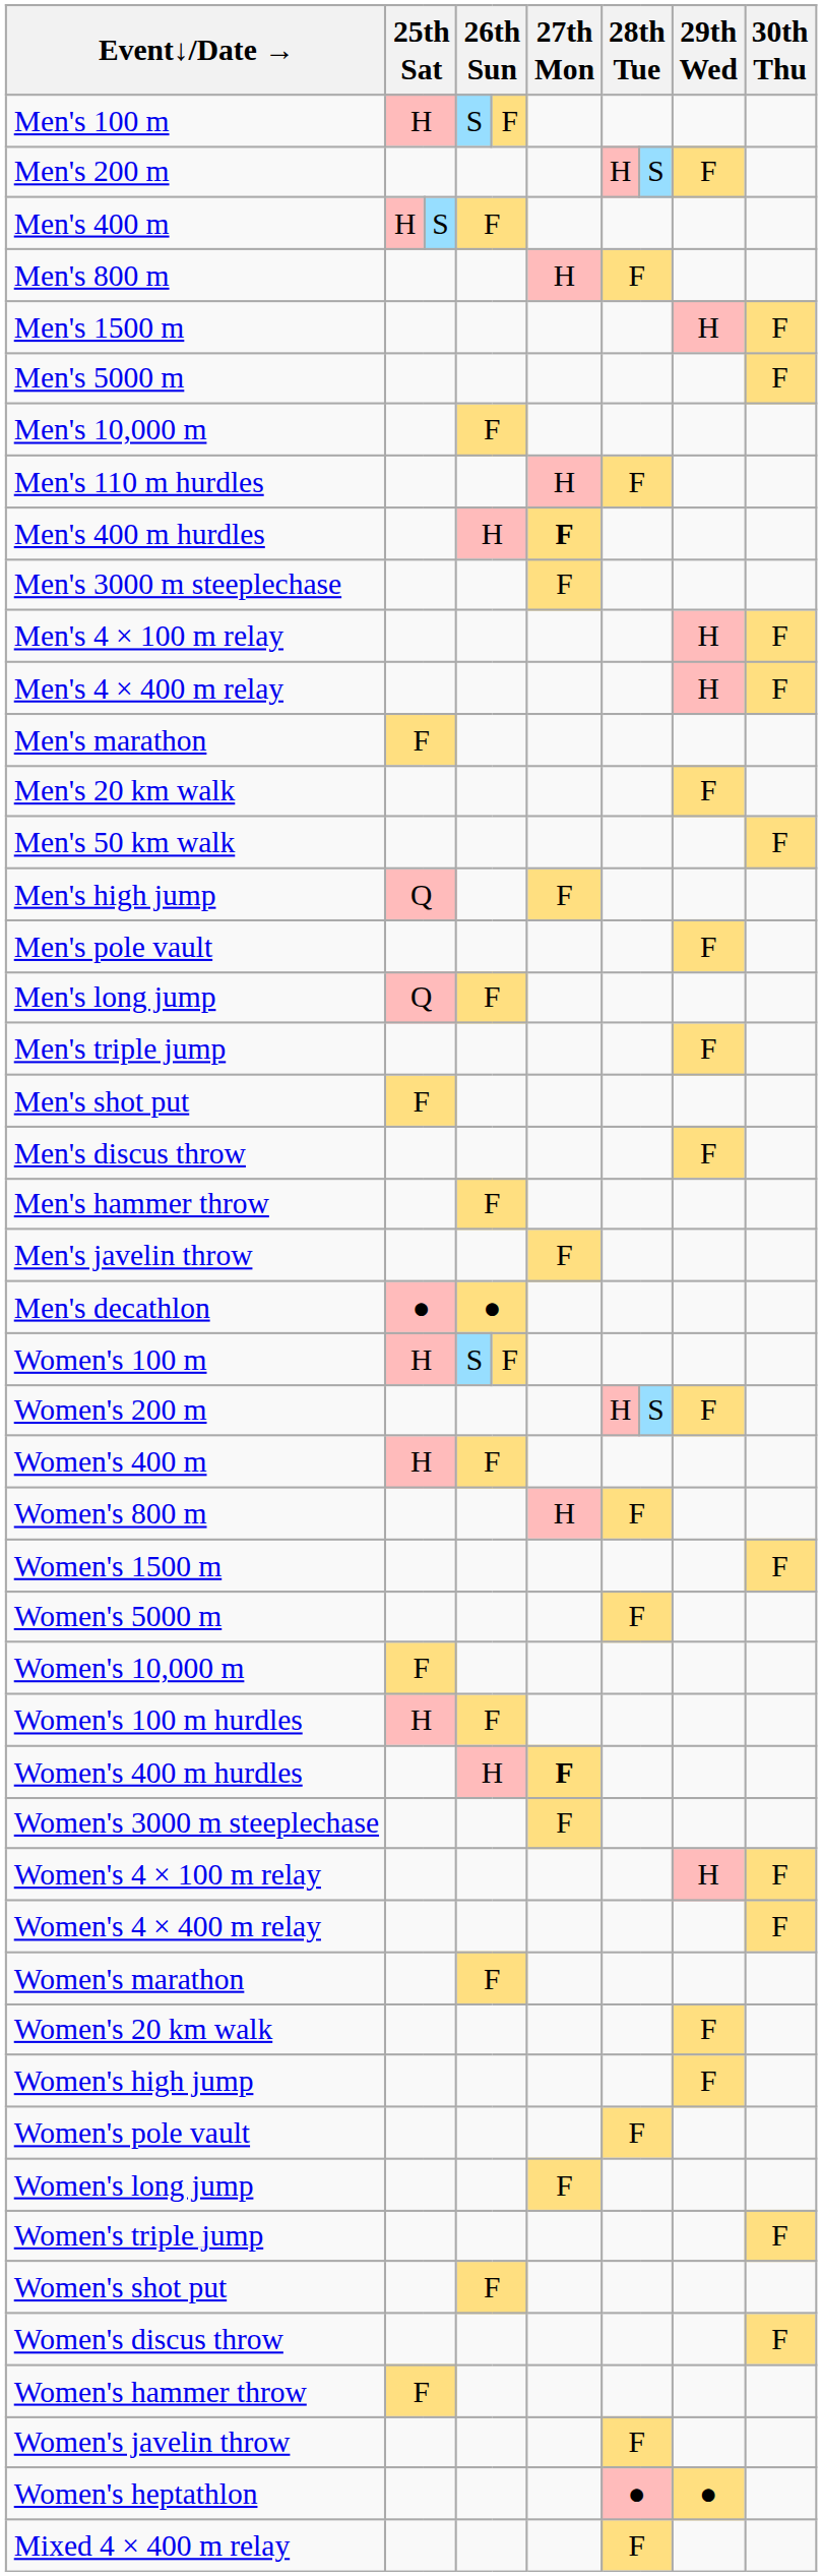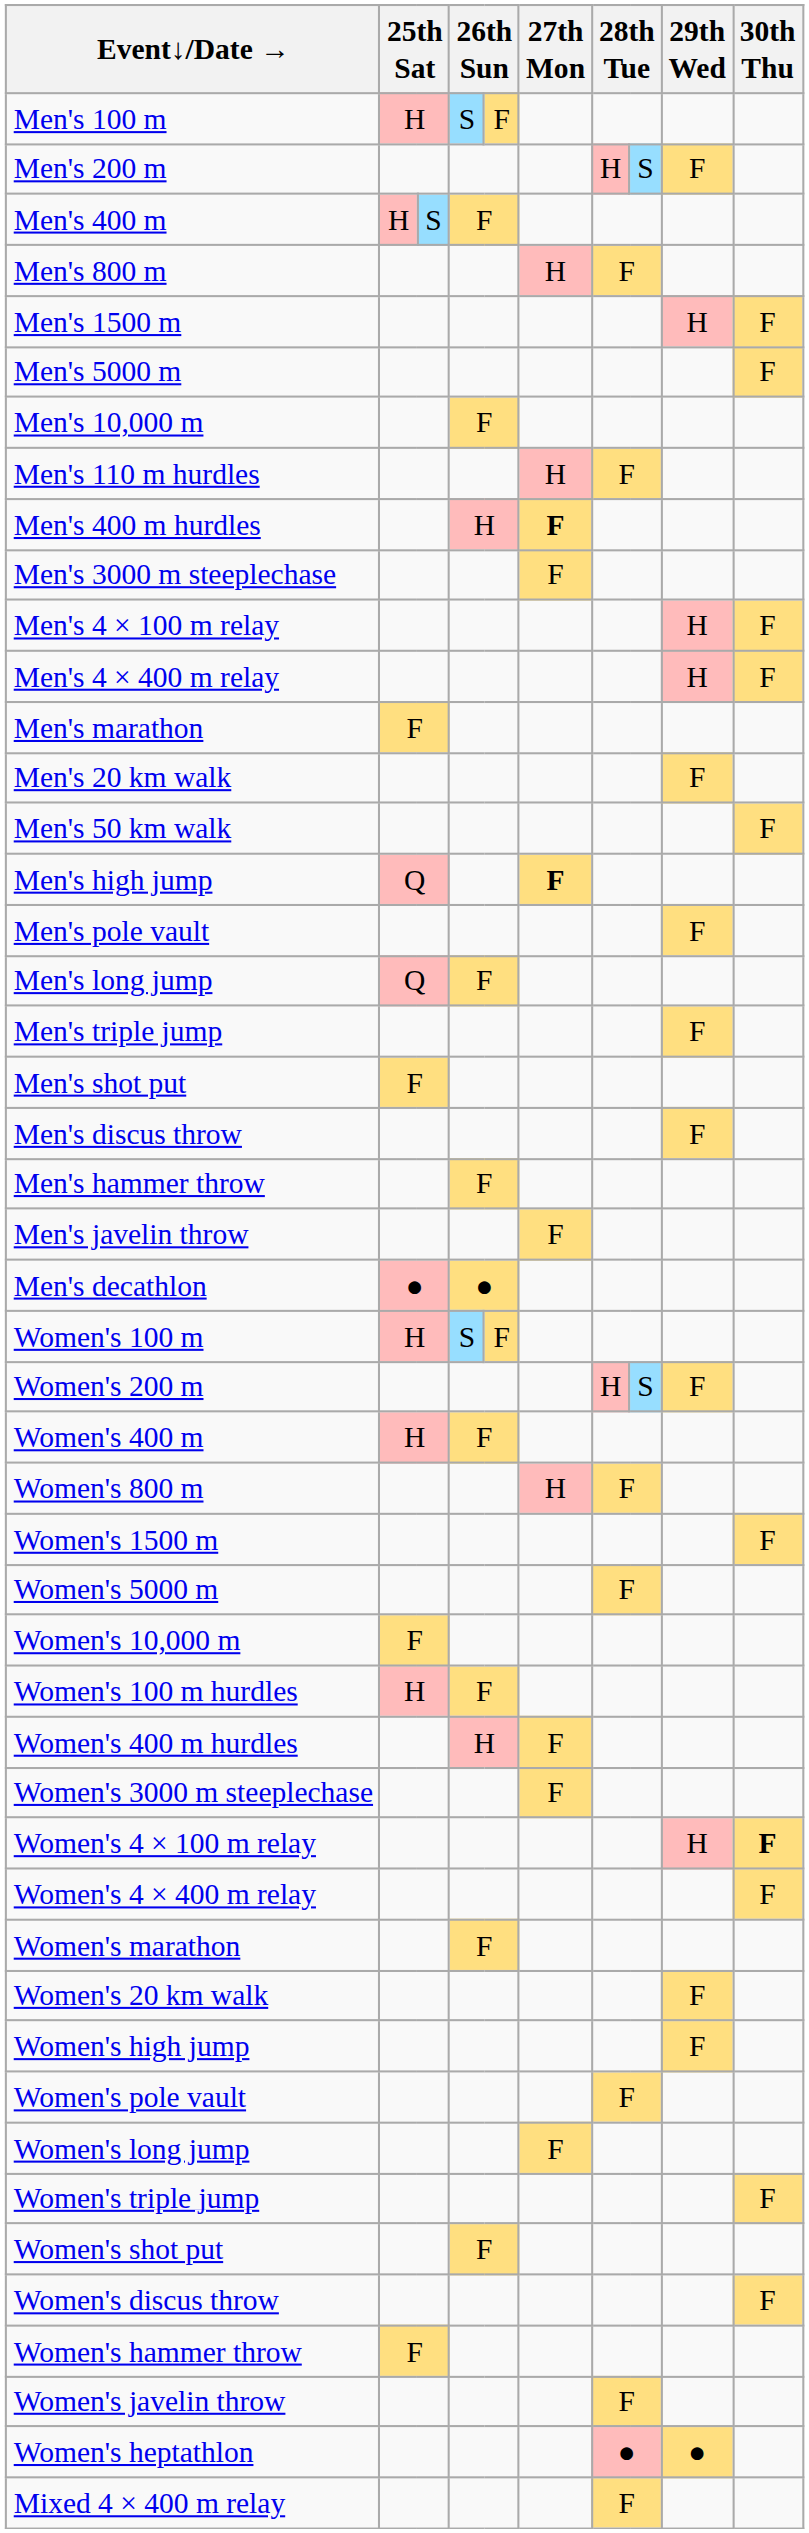 <table class="wikitable" style="margin:0.5em auto; font-size:90%; line-height:1.25em; text-align:center;">
 <tr>
 <th>Event↓/Date →</th>
 <th colspan=2>25th<br>Sat</th>
 <th colspan=2>26th<br>Sun</th>
 <th>27th<br>Mon</th>
 <th colspan=2>28th<br>Tue</th>
 <th>29th<br>Wed</th>
 <th>30th<br>Thu</th>
 </tr>
 <tr>
 <td align="left"><a href='#'>Men's 100 m</a></td>
 <td colspan=2 bgcolor="#FFBBBB">H</td>
 <td bgcolor="#97DEFF">S</td>
 <td bgcolor="#FFDF80">F</td>
 <td></td>
 <td colspan=2></td>
 <td></td>
 <td></td>
 </tr>
 <tr>
 <td align="left"><a href='#'>Men's 200 m</a></td>
 <td colspan=2></td>
 <td colspan=2></td>
 <td></td>
 <td bgcolor="#FFBBBB">H</td>
 <td bgcolor="#97DEFF">S</td>
 <td bgcolor="#FFDF80">F</td>
 <td></td>
 </tr>
 <tr>
 <td align="left"><a href='#'>Men's 400 m</a></td>
 <td bgcolor="#FFBBBB">H</td>
 <td bgcolor="#97DEFF">S</td>
 <td colspan=2 bgcolor="#FFDF80">F</td>
 <td></td>
 <td colspan=2></td>
 <td></td>
 <td></td>
 </tr>
 <tr>
 <td align="left"><a href='#'>Men's 800 m</a></td>
 <td colspan=2></td>
 <td colspan=2></td>
 <td bgcolor="#FFBBBB">H</td>
 <td colspan=2 bgcolor="#FFDF80">F</td>
 <td></td>
 <td></td>
 </tr>
 <tr>
 <td align="left"><a href='#'>Men's 1500 m</a></td>
 <td colspan=2></td>
 <td colspan=2></td>
 <td></td>
 <td colspan=2></td>
 <td bgcolor="#FFBBBB">H</td>
 <td bgcolor="#FFDF80">F</td>
 </tr>
 <tr>
 <td align="left"><a href='#'>Men's 5000 m</a></td>
 <td colspan=2></td>
 <td colspan=2></td>
 <td></td>
 <td colspan=2></td>
 <td></td>
 <td bgcolor="#FFDF80">F</td>
 </tr>
 <tr>
 <td align="left"><a href='#'>Men's 10,000 m</a></td>
 <td colspan=2></td>
 <td colspan=2 bgcolor="#FFDF80">F</td>
 <td></td>
 <td colspan=2></td>
 <td></td>
 <td></td>
 </tr>
 <tr>
 <td align="left"><a href='#'>Men's 110 m hurdles</a></td>
 <td colspan=2></td>
 <td colspan=2></td>
 <td bgcolor="#FFBBBB">H</td>
 <td colspan=2 bgcolor="#FFDF80">F</td>
 <td></td>
 <td></td>
 </tr>
 <tr>
 <td align="left"><a href='#'>Men's 400 m hurdles</a></td>
 <td colspan=2></td>
 <td colspan=2 bgcolor="#FFBBBB">H</td>
 <td bgcolor="#FFDF80"><strong>F</strong></td>
 <td colspan=2></td>
 <td></td>
 <td></td>
 </tr>
 <tr>
 <td align="left"><a href='#'>Men's 3000 m steeplechase</a></td>
 <td colspan=2></td>
 <td colspan=2></td>
 <td bgcolor="#FFDF80">F</td>
 <td colspan=2></td>
 <td></td>
 <td></td>
 </tr>
 <tr>
 <td align="left"><a href='#'>Men's 4 × 100 m relay</a></td>
 <td colspan=2></td>
 <td colspan=2></td>
 <td></td>
 <td colspan=2></td>
 <td bgcolor="#FFBBBB">H</td>
 <td bgcolor="#FFDF80">F</td>
 </tr>
 <tr>
 <td align="left"><a href='#'>Men's 4 × 400 m relay</a></td>
 <td colspan=2></td>
 <td colspan=2></td>
 <td></td>
 <td colspan=2></td>
 <td bgcolor="#FFBBBB">H</td>
 <td bgcolor="#FFDF80">F</td>
 </tr>
 <tr>
 <td align="left"><a href='#'>Men's marathon</a></td>
 <td colspan=2 bgcolor="#FFDF80">F</td>
 <td colspan=2></td>
 <td></td>
 <td colspan=2></td>
 <td></td>
 <td></td>
 </tr>
 <tr>
 <td align="left"><a href='#'>Men's 20 km walk</a></td>
 <td colspan=2></td>
 <td colspan=2></td>
 <td></td>
 <td colspan=2></td>
 <td bgcolor="#FFDF80">F</td>
 <td></td>
 </tr>
 <tr>
 <td align="left"><a href='#'>Men's 50 km walk</a></td>
 <td colspan=2></td>
 <td colspan=2></td>
 <td></td>
 <td colspan=2></td>
 <td></td>
 <td bgcolor="#FFDF80">F</td>
 </tr>
 <tr>
 <td align="left"><a href='#'>Men's high jump</a></td>
 <td colspan=2 bgcolor="#FFBBBB">Q</td>
 <td colspan=2></td>
-<td bgcolor="#FFDF80">F</td>
+<td bgcolor="#FFDF80"><strong>F</strong></td>
 <td colspan=2></td>
 <td></td>
 <td></td>
 </tr>
 <tr>
 <td align="left"><a href='#'>Men's pole vault</a></td>
 <td colspan=2></td>
 <td colspan=2></td>
 <td></td>
 <td colspan=2></td>
 <td bgcolor="#FFDF80">F</td>
 <td></td>
 </tr>
 <tr>
 <td align="left"><a href='#'>Men's long jump</a></td>
 <td colspan=2 bgcolor="#FFBBBB">Q</td>
 <td colspan=2 bgcolor="#FFDF80">F</td>
 <td></td>
 <td colspan=2></td>
 <td></td>
 <td></td>
 </tr>
 <tr>
 <td align="left"><a href='#'>Men's triple jump</a></td>
 <td colspan=2></td>
 <td colspan=2></td>
 <td></td>
 <td colspan=2></td>
 <td bgcolor="#FFDF80">F</td>
 <td></td>
 </tr>
 <tr>
 <td align="left"><a href='#'>Men's shot put</a></td>
 <td colspan=2 bgcolor="#FFDF80">F</td>
 <td colspan=2></td>
 <td></td>
 <td colspan=2></td>
 <td></td>
 <td></td>
 </tr>
 <tr>
 <td align="left"><a href='#'>Men's discus throw</a></td>
 <td colspan=2></td>
 <td colspan=2></td>
 <td></td>
 <td colspan=2></td>
 <td bgcolor="#FFDF80">F</td>
 <td></td>
 </tr>
 <tr>
 <td align="left"><a href='#'>Men's hammer throw</a></td>
 <td colspan=2></td>
 <td colspan=2 bgcolor="#FFDF80">F</td>
 <td></td>
 <td colspan=2></td>
 <td></td>
 <td></td>
 </tr>
 <tr>
 <td align="left"><a href='#'>Men's javelin throw</a></td>
 <td colspan=2></td>
 <td colspan=2></td>
 <td bgcolor="#FFDF80">F</td>
 <td colspan=2></td>
 <td></td>
 <td></td>
 </tr>
 <tr>
 <td align="left"><a href='#'>Men's decathlon</a></td>
 <td colspan=2 bgcolor="#FFBBBB">●</td>
 <td colspan=2 bgcolor="#FFDF80">●</td>
 <td></td>
 <td colspan=2></td>
 <td></td>
 <td></td>
 </tr>
 <tr>
 <td align="left"><a href='#'>Women's 100 m</a></td>
 <td colspan=2 bgcolor="#FFBBBB">H</td>
 <td bgcolor="#97DEFF">S</td>
 <td bgcolor="#FFDF80">F</td>
 <td></td>
 <td colspan=2></td>
 <td></td>
 <td></td>
 </tr>
 <tr>
 <td align="left"><a href='#'>Women's 200 m</a></td>
 <td colspan=2></td>
 <td colspan=2></td>
 <td></td>
 <td bgcolor="#FFBBBB">H</td>
 <td bgcolor="#97DEFF">S</td>
 <td bgcolor="#FFDF80">F</td>
 <td></td>
 </tr>
 <tr>
 <td align="left"><a href='#'>Women's 400 m</a></td>
 <td colspan=2 bgcolor="#FFBBBB">H</td>
 <td colspan=2 bgcolor="#FFDF80">F</td>
 <td></td>
 <td colspan=2></td>
 <td></td>
 <td></td>
 </tr>
 <tr>
 <td align="left"><a href='#'>Women's 800 m</a></td>
 <td colspan=2></td>
 <td colspan=2></td>
 <td bgcolor="#FFBBBB">H</td>
 <td colspan=2 bgcolor="#FFDF80">F</td>
 <td></td>
 <td></td>
 </tr>
 <tr>
 <td align="left"><a href='#'>Women's 1500 m</a></td>
 <td colspan=2></td>
 <td colspan=2></td>
 <td></td>
 <td colspan=2></td>
 <td></td>
 <td bgcolor="#FFDF80">F</td>
 </tr>
 <tr>
 <td align="left"><a href='#'>Women's 5000 m</a></td>
 <td colspan=2></td>
 <td colspan=2></td>
 <td></td>
 <td colspan=2 bgcolor="#FFDF80">F</td>
 <td></td>
 <td></td>
 </tr>
 <tr>
 <td align="left"><a href='#'>Women's 10,000 m</a></td>
 <td colspan=2 bgcolor="#FFDF80">F</td>
 <td colspan=2></td>
 <td></td>
 <td colspan=2></td>
 <td></td>
 <td></td>
 </tr>
 <tr>
 <td align="left"><a href='#'>Women's 100 m hurdles</a></td>
 <td colspan=2 bgcolor="#FFBBBB">H</td>
 <td colspan=2 bgcolor="#FFDF80">F</td>
 <td></td>
 <td colspan=2></td>
 <td></td>
 <td></td>
 </tr>
 <tr>
 <td align="left"><a href='#'>Women's 400 m hurdles</a></td>
 <td colspan=2></td>
 <td colspan=2 bgcolor="#FFBBBB">H</td>
-<td bgcolor="#FFDF80"><strong>F</strong></td>
+<td bgcolor="#FFDF80">F</td>
 <td colspan=2></td>
 <td></td>
 <td></td>
 </tr>
 <tr>
 <td align="left"><a href='#'>Women's 3000 m steeplechase</a></td>
 <td colspan=2></td>
 <td colspan=2></td>
 <td bgcolor="#FFDF80">F</td>
 <td colspan=2></td>
 <td></td>
 <td></td>
 </tr>
 <tr>
 <td align="left"><a href='#'>Women's 4 × 100 m relay</a></td>
 <td colspan=2></td>
 <td colspan=2></td>
 <td></td>
 <td colspan=2></td>
 <td bgcolor="#FFBBBB">H</td>
-<td bgcolor="#FFDF80">F</td>
+<td bgcolor="#FFDF80"><strong>F</strong></td>
 </tr>
 <tr>
 <td align="left"><a href='#'>Women's 4 × 400 m relay</a></td>
 <td colspan=2></td>
 <td colspan=2></td>
 <td></td>
 <td colspan=2></td>
 <td></td>
 <td bgcolor="#FFDF80">F</td>
 </tr>
 <tr>
 <td align="left"><a href='#'>Women's marathon</a></td>
 <td colspan=2></td>
 <td colspan=2 bgcolor="#FFDF80">F</td>
 <td></td>
 <td colspan=2></td>
 <td></td>
 <td></td>
 </tr>
 <tr>
 <td align="left"><a href='#'>Women's 20 km walk</a></td>
 <td colspan=2></td>
 <td colspan=2></td>
 <td></td>
 <td colspan=2></td>
 <td bgcolor="#FFDF80">F</td>
 <td></td>
 </tr>
 <tr>
 <td align="left"><a href='#'>Women's high jump</a></td>
 <td colspan=2></td>
 <td colspan=2></td>
 <td></td>
 <td colspan=2></td>
 <td bgcolor="#FFDF80">F</td>
 <td></td>
 </tr>
 <tr>
 <td align="left"><a href='#'>Women's pole vault</a></td>
 <td colspan=2></td>
 <td colspan=2></td>
 <td></td>
 <td colspan=2 bgcolor="#FFDF80">F</td>
 <td></td>
 <td></td>
 </tr>
 <tr>
 <td align="left"><a href='#'>Women's long jump</a></td>
 <td colspan=2></td>
 <td colspan=2></td>
 <td bgcolor="#FFDF80">F</td>
 <td colspan=2></td>
 <td></td>
 <td></td>
 </tr>
 <tr>
 <td align="left"><a href='#'>Women's triple jump</a></td>
 <td colspan=2></td>
 <td colspan=2></td>
 <td></td>
 <td colspan=2></td>
 <td></td>
 <td bgcolor="#FFDF80">F</td>
 </tr>
 <tr>
 <td align="left"><a href='#'>Women's shot put</a></td>
 <td colspan=2></td>
 <td colspan=2 bgcolor="#FFDF80">F</td>
 <td></td>
 <td colspan=2></td>
 <td></td>
 <td></td>
 </tr>
 <tr>
 <td align="left"><a href='#'>Women's discus throw</a></td>
 <td colspan=2></td>
 <td colspan=2></td>
 <td></td>
 <td colspan=2></td>
 <td></td>
 <td bgcolor="#FFDF80">F</td>
 </tr>
 <tr>
 <td align="left"><a href='#'>Women's hammer throw</a></td>
 <td colspan=2 bgcolor="#FFDF80">F</td>
 <td colspan=2></td>
 <td></td>
 <td colspan=2></td>
 <td></td>
 <td></td>
 </tr>
 <tr>
 <td align="left"><a href='#'>Women's javelin throw</a></td>
 <td colspan=2></td>
 <td colspan=2></td>
 <td></td>
 <td colspan=2 bgcolor="#FFDF80">F</td>
 <td></td>
 <td></td>
 </tr>
 <tr>
 <td align="left"><a href='#'>Women's heptathlon</a></td>
 <td colspan=2></td>
 <td colspan=2></td>
 <td></td>
 <td colspan=2 bgcolor="#FFBBBB">●</td>
 <td bgcolor="#FFDF80">●</td>
 <td></td>
 </tr>
 <tr>
 <td align="left"><a href='#'>Mixed 4 × 400 m relay</a></td>
 <td colspan=2></td>
 <td colspan=2></td>
 <td></td>
 <td colspan=2 bgcolor="#FFDF80">F</td>
 <td></td>
 <td></td>
 </tr>
 </table>
